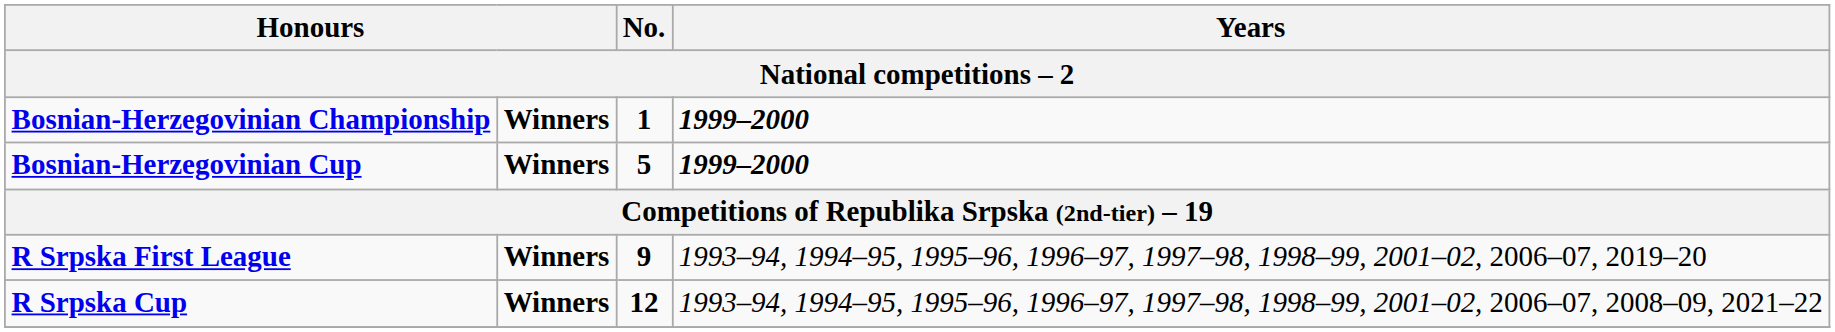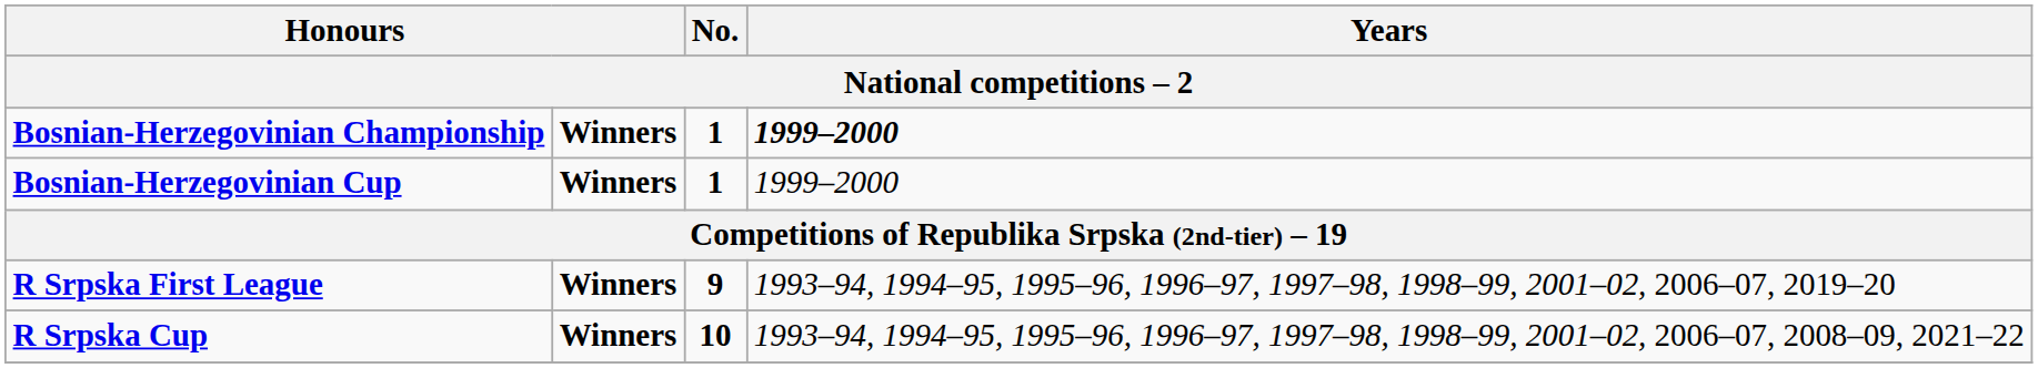 <table class="wikitable">
 <tr>
 <th colspan=2>Honours</th>
 <th>No.</th>
 <th>Years</th>
 </tr>
 <tr>
 <th colspan=6>National competitions – 2</th>
 </tr>
 <tr>
 <td><strong><a href='#'>Bosnian-Herzegovinian Championship</a></strong></td>
 <td><strong>Winners</strong></td>
 <td align=center><strong>1</strong></td>
 <td><strong><em>1999–2000</em></strong></td>
 </tr>
 <tr>
 <td><strong><a href='#'>Bosnian-Herzegovinian Cup</a></strong></td>
 <td><strong>Winners</strong></td>
-<td align=center><strong>5</strong></td>
-<td><strong><em>1999–2000</em></strong></td>
+<td align=center><strong>1</strong></td>
+<td><em>1999–2000</em></td>
 </tr>
 <tr>
 <th colspan=6>Competitions of Republika Srpska <small>(2nd-tier)</small> – 19</th>
 </tr>
 <tr>
 <td><strong><a href='#'>R Srpska First League</a></strong></td>
 <td><strong>Winners</strong></td>
 <td align=center><strong>9</strong></td>
 <td><em>1993–94, 1994–95, 1995–96, 1996–97, 1997–98, 1998–99, 2001–02,</em> 2006–07, 2019–20</td>
 </tr>
 <tr>
 <td><strong><a href='#'>R Srpska Cup</a></strong></td>
 <td><strong>Winners</strong></td>
-<td align=center><strong>12</strong></td>
+<td align=center><strong>10</strong></td>
 <td><em>1993–94, 1994–95, 1995–96, 1996–97, 1997–98, 1998–99, 2001–02,</em> 2006–07, 2008–09, 2021–22</td>
 </tr>
 <tr>
 </tr>
 </table>
